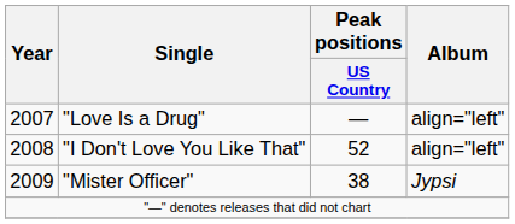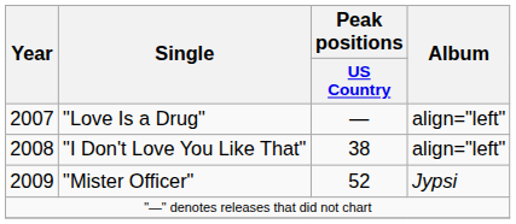 <table class="wikitable" style="text-align:center;">
 <tr>
 <th rowspan="2">Year</th>
 <th rowspan="2">Single</th>
 <th colspan="1">Peak positions</th>
 <th rowspan="2">Album</th>
 </tr>
 <tr style="font-size:smaller;">
 <th width="50"><a href='#'>US Country</a></th>
 </tr>
 <tr>
 <td>2007</td>
 <td align="left">"Love Is a Drug"</td>
 <td>—</td>
 <td>align="left" </td>
 </tr>
 <tr>
 <td>2008</td>
 <td align="left">"I Don't Love You Like That"</td>
-<td>52</td>
+<td>38</td>
 <td>align="left" </td>
 </tr>
 <tr>
 <td>2009</td>
 <td align="left">"Mister Officer"</td>
-<td>38</td>
+<td>52</td>
 <td align="left"><em>Jypsi</em></td>
 </tr>
 <tr>
 <td colspan="5" style="font-size:8pt">"—" denotes releases that did not chart</td>
 </tr>
 <tr>
 </tr>
 </table>
